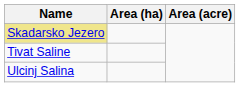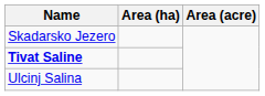 <table class="wikitable">
 <tr>
 <th scope="col" align=left>Name</th>
 <th scope="col">Area (ha)</th>
 <th scope="col">Area (acre)</th>
 </tr>
 <tr ---->
-<td style="background: khaki;"><a href='#'>Skadarsko Jezero</a></td>
+<td><a href='#'>Skadarsko Jezero</a></td>
 <td></td>
 </tr>
 <tr ---->
-<td><a href='#'>Tivat Saline</a></td>
+<td><strong><a href='#'>Tivat Saline</a></strong></td>
 <td></td>
 </tr>
 <tr ---->
 <td><a href='#'>Ulcinj Salina</a></td>
 <td></td>
 </tr>
 </table>
